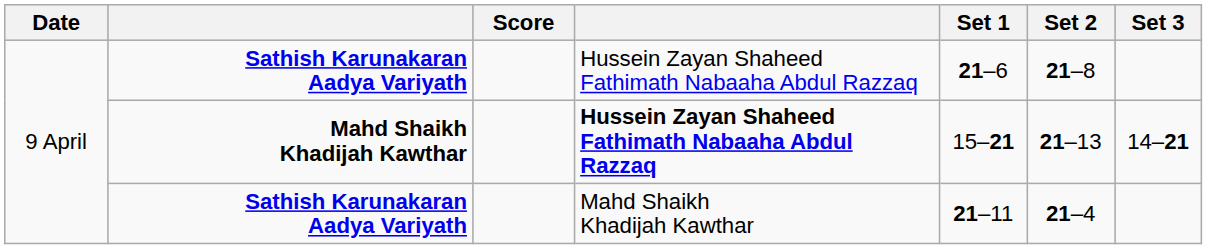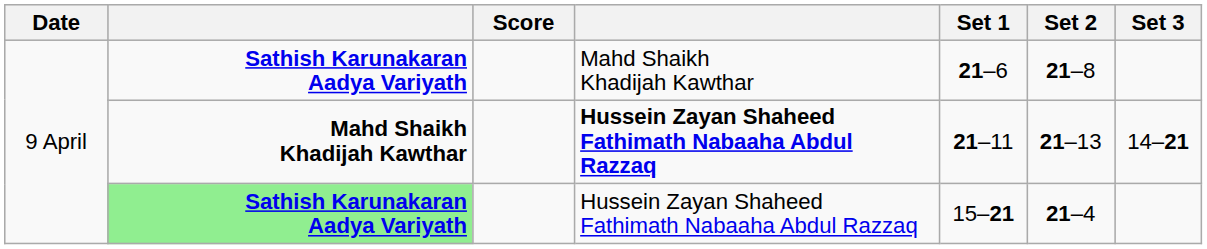 <table class="wikitable" style="text-align: center; font-size:90%">
 <tr>
 <th width="60">Date</th>
 <th align="right" width="230"></th>
 <th width="60">Score</th>
 <th align="left" width="230"></th>
 <th width="50">Set 1</th>
 <th width="50">Set 2</th>
 <th width="50">Set 3</th>
 </tr>
 <tr>
 <td rowspan="3">9 April</td>
 <td align="right"><strong><a href='#'>Sathish Karunakaran</a> <br><a href='#'>Aadya Variyath</a> </strong></td>
 <td></td>
-<td align="left"> Hussein Zayan Shaheed<br> <a href='#'>Fathimath Nabaaha Abdul Razzaq</a></td>
+<td align="left"> Mahd Shaikh<br> Khadijah Kawthar</td>
 <td><strong>21</strong>–6</td>
 <td><strong>21</strong>–8</td>
 <td></td>
 </tr>
 <tr>
 <td align="right"><strong>Mahd Shaikh <br>Khadijah Kawthar </strong></td>
 <td></td>
 <td align="left"><strong> Hussein Zayan Shaheed<br> <a href='#'>Fathimath Nabaaha Abdul Razzaq</a></strong></td>
-<td>15–<strong>21</strong></td>
+<td><strong>21</strong>–11</td>
 <td><strong>21</strong>–13</td>
 <td>14–<strong>21</strong></td>
 </tr>
 <tr>
-<td align="right"><strong><a href='#'>Sathish Karunakaran</a> <br><a href='#'>Aadya Variyath</a> </strong></td>
+<td align="right" style="background: lightgreen;"><strong><a href='#'>Sathish Karunakaran</a> <br><a href='#'>Aadya Variyath</a> </strong></td>
 <td></td>
-<td align="left"> Mahd Shaikh<br> Khadijah Kawthar</td>
-<td><strong>21</strong>–11</td>
+<td align="left"> Hussein Zayan Shaheed<br> <a href='#'>Fathimath Nabaaha Abdul Razzaq</a></td>
+<td>15–<strong>21</strong></td>
 <td><strong>21</strong>–4</td>
 <td></td>
 </tr>
 </table>
